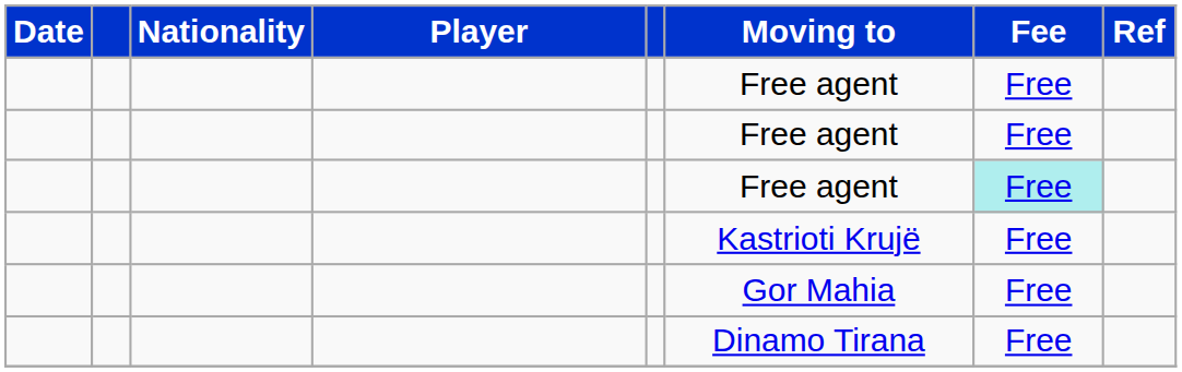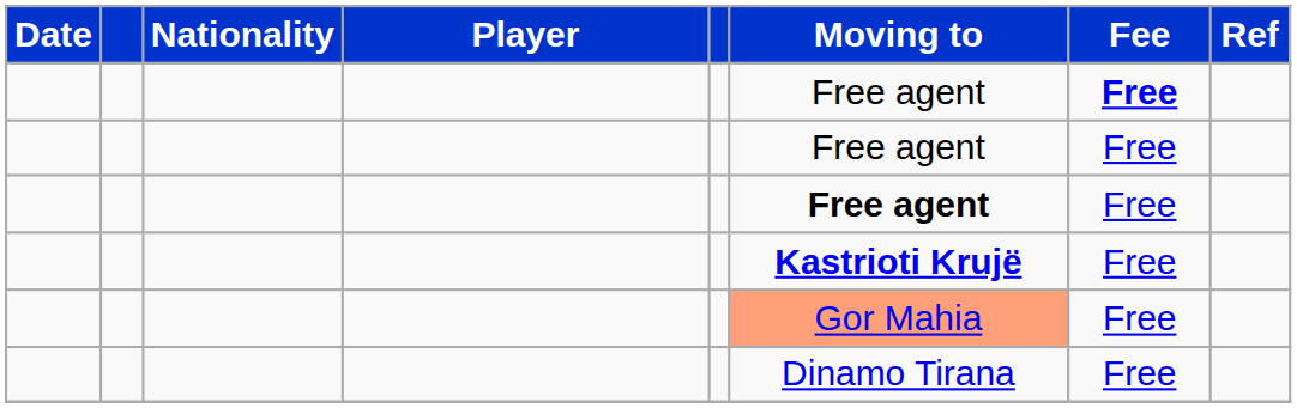 <table class="wikitable"  style="text-align:center; font-size:90%; ">
 <tr>
 <th style="background:#03c; color:white; width:15px;">Date</th>
 <th style="background:#03c; color:white; width:10px;"></th>
 <th style="background:#03c; color:white; width:10px;">Nationality</th>
 <th style="background:#03c; color:white; width:140px;">Player</th>
 <th style="background:#03c; color:white; width:1px;"></th>
 <th style="background:#03c; color:white; width:130px;">Moving to</th>
 <th style="background:#03c; color:white; width:50px;">Fee</th>
 <th style="background:#03c; color:white; width:25px;">Ref</th>
 </tr>
 <tr>
 <td></td>
 <td align=center></td>
 <td></td>
 <td></td>
 <td></td>
 <td>Free agent</td>
-<td align=center><a href='#'>Free</a></td>
+<td align=center><strong><a href='#'>Free</a></strong></td>
 <td align=center></td>
 </tr>
 <tr>
 <td></td>
 <td align=center></td>
 <td></td>
 <td></td>
 <td></td>
 <td>Free agent</td>
 <td align=center><a href='#'>Free</a></td>
 <td align=center></td>
 </tr>
 <tr>
 <td></td>
 <td align=center></td>
 <td></td>
 <td></td>
 <td></td>
-<td>Free agent</td>
-<td align=center style="background: paleturquoise;"><a href='#'>Free</a></td>
-<td align=center></td>
-</tr>
-<tr>
-<td></td>
-<td align=center></td>
-<td></td>
-<td></td>
-<td></td>
-<td><a href='#'>Kastrioti Krujë</a></td>
+<td><strong>Free agent</strong></td>
 <td align=center><a href='#'>Free</a></td>
 <td align=center></td>
 </tr>
 <tr>
 <td></td>
 <td align=center></td>
 <td></td>
 <td></td>
 <td></td>
-<td><a href='#'>Gor Mahia</a></td>
+<td><strong><a href='#'>Kastrioti Krujë</a></strong></td>
+<td align=center><a href='#'>Free</a></td>
+<td align=center></td>
+</tr>
+<tr>
+<td></td>
+<td align=center></td>
+<td></td>
+<td></td>
+<td></td>
+<td style="background: lightsalmon;"><a href='#'>Gor Mahia</a></td>
 <td align=center><a href='#'>Free</a></td>
 <td align=center></td>
 </tr>
 <tr>
 <td></td>
 <td align=center></td>
 <td></td>
 <td></td>
 <td></td>
 <td><a href='#'>Dinamo Tirana</a></td>
 <td align=center><a href='#'>Free</a></td>
 <td align=center></td>
 </tr>
 <tr>
 </tr>
 </table>
